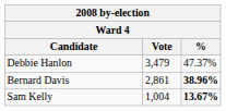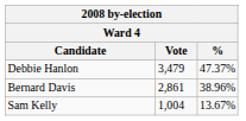 <table class="wikitable">
 <tr>
 <th colspan="3">2008 by-election</th>
 </tr>
 <tr>
 <th colspan="3">Ward 4</th>
 </tr>
 <tr>
 <th bgcolor="#DDDDFF" width="200px">Candidate</th>
 <th bgcolor="#DDDDFF" width="50px">Vote</th>
 <th bgcolor="#DDDDFF" width="30px">%</th>
 </tr>
 <tr>
 <td>Debbie Hanlon</td>
 <td>3,479</td>
 <td>47.37%</td>
 </tr>
 <tr>
 <td>Bernard Davis</td>
 <td>2,861</td>
-<td><strong>38.96%</strong></td>
+<td>38.96%</td>
 </tr>
 <tr>
 <td>Sam Kelly</td>
 <td>1,004</td>
-<td><strong>13.67%</strong></td>
+<td>13.67%</td>
 </tr>
 </table>
